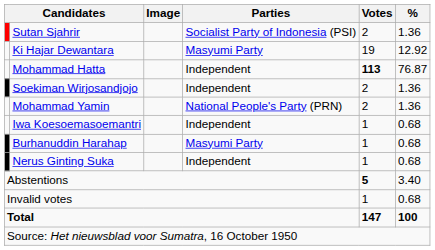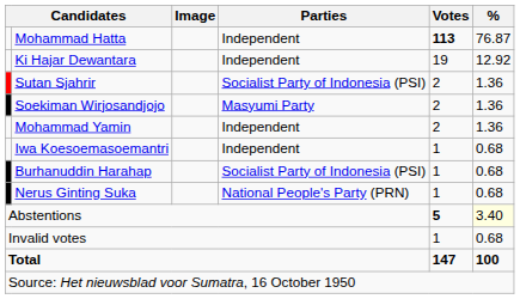 <table class="wikitable">
 <tr>
 <th colspan="2">Candidates</th>
 <th>Image</th>
 <th>Parties</th>
 <th>Votes</th>
 <th>%</th>
+</tr>
+<tr>
+<td style="background-color:"></td>
+<td><a href='#'>Mohammad Hatta</a></td>
+<td></td>
+<td>Independent</td>
+<td><strong>113</strong></td>
+<td>76.87</td>
+</tr>
+<tr>
+<td style="background-color:"></td>
+<td><a href='#'>Ki Hajar Dewantara</a></td>
+<td></td>
+<td>Independent</td>
+<td>19</td>
+<td>12.92</td>
 </tr>
 <tr>
 <td style="background-color:red"></td>
 <td><a href='#'>Sutan Sjahrir</a></td>
 <td></td>
 <td><a href='#'>Socialist Party of Indonesia</a> (PSI)</td>
 <td>2</td>
 <td>1.36</td>
 </tr>
 <tr>
-<td style="background-color:"></td>
-<td><a href='#'>Ki Hajar Dewantara</a></td>
-<td></td>
-<td><a href='#'>Masyumi Party</a></td>
-<td>19</td>
-<td>12.92</td>
-</tr>
-<tr>
-<td style="background-color:"></td>
-<td><a href='#'>Mohammad Hatta</a></td>
-<td></td>
-<td>Independent</td>
-<td><strong>113</strong></td>
-<td>76.87</td>
-</tr>
-<tr>
 <td style="background-color:black"></td>
 <td><a href='#'>Soekiman Wirjosandjojo</a></td>
 <td></td>
-<td>Independent</td>
+<td><a href='#'>Masyumi Party</a></td>
 <td>2</td>
 <td>1.36</td>
 </tr>
 <tr>
 <td style="background-color:"></td>
 <td><a href='#'>Mohammad Yamin</a></td>
 <td></td>
-<td><a href='#'>National People's Party</a> (PRN)</td>
+<td>Independent</td>
 <td>2</td>
 <td>1.36</td>
 </tr>
 <tr>
 <td style="background-color:"></td>
 <td><a href='#'>Iwa Koesoemasoemantri</a></td>
 <td></td>
 <td>Independent</td>
 <td>1</td>
 <td>0.68</td>
 </tr>
 <tr>
 <td style="background-color:black"></td>
 <td><a href='#'>Burhanuddin Harahap</a></td>
 <td></td>
-<td><a href='#'>Masyumi Party</a></td>
+<td><a href='#'>Socialist Party of Indonesia</a> (PSI)</td>
 <td>1</td>
 <td>0.68</td>
 </tr>
 <tr>
 <td style="background-color:black"></td>
 <td><a href='#'>Nerus Ginting Suka</a></td>
 <td></td>
-<td>Independent</td>
+<td><a href='#'>National People's Party</a> (PRN)</td>
 <td>1</td>
 <td>0.68</td>
 </tr>
 <tr>
 <td colspan="4">Abstentions</td>
 <td><strong>5</strong></td>
-<td>3.40</td>
+<td style="background: lightyellow;">3.40</td>
 </tr>
 <tr>
 <td colspan="4">Invalid votes</td>
 <td>1</td>
 <td>0.68</td>
 </tr>
 <tr>
 <td colspan="4"><strong>Total</strong></td>
 <td><strong>147</strong></td>
 <td><strong>100</strong></td>
 </tr>
 <tr>
 <td colspan="6">Source: <em>Het nieuwsblad voor Sumatra</em>, 16 October 1950</td>
 </tr>
 </table>
